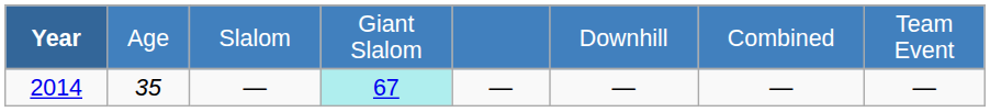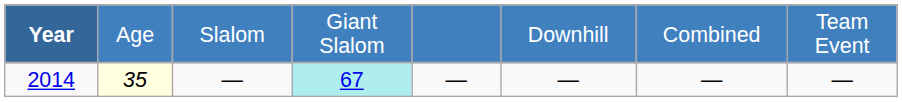 <table class="wikitable" style="font-size:95%; text-align:center; border:grey solid 1px; border-collapse:collapse;" width="40%">
 <tr style="background-color:#369; color:white;">
 <td rowspan="2" colspan="1" width="4%"><strong>Year</strong></td>
 </tr>
 <tr style="background-color:#4180be; color:white;">
 <td width="3%">Age</td>
 <td width="5%">Slalom</td>
 <td width="5%">Giant<br>Slalom</td>
 <td width="5%"></td>
 <td width="5%">Downhill</td>
 <td width="5%">Combined</td>
 <td width="5%">Team Event</td>
 </tr>
 <tr style="background-color:#8CB2D8; color:white;">
 </tr>
 <tr>
 <td><a href='#'>2014</a></td>
-<td><em>35</em></td>
+<td style="background: lightyellow;"><em>35</em></td>
 <td>—</td>
 <td style="background: paleturquoise;"><a href='#'>67</a></td>
 <td>—</td>
 <td>—</td>
 <td>—</td>
 <td>—</td>
 </tr>
 </table>
